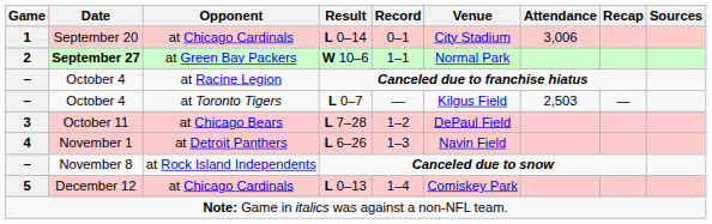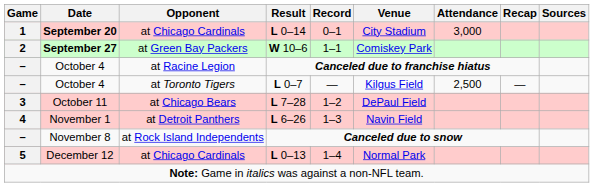 <table class="wikitable" style="text-align:center">
 <tr>
 <th>Game</th>
 <th>Date</th>
 <th>Opponent</th>
 <th>Result</th>
 <th>Record</th>
 <th>Venue</th>
 <th>Attendance</th>
 <th>Recap</th>
 <th>Sources</th>
 </tr>
 <tr style="background:#fcc">
 <th>1</th>
-<td>September 20</td>
+<td><strong>September 20</strong></td>
 <td>at <a href='#'>Chicago Cardinals</a></td>
 <td><strong>L</strong> 0–14</td>
 <td>0–1</td>
 <td><a href='#'>City Stadium</a></td>
-<td>3,006</td>
+<td>3,000</td>
 <td></td>
 <td></td>
 </tr>
 <tr style="background:#cfc">
 <th>2</th>
 <td><strong>September 27</strong></td>
 <td>at <a href='#'>Green Bay Packers</a></td>
 <td><strong>W</strong> 10–6</td>
 <td>1–1</td>
-<td><a href='#'>Normal Park</a></td>
+<td><a href='#'>Comiskey Park</a></td>
 <td></td>
 <td></td>
 <td></td>
 </tr>
 <tr>
 <th>–</th>
 <td>October 4</td>
 <td>at <a href='#'>Racine Legion</a></td>
 <td colspan="5"><strong><em>Canceled due to franchise hiatus</em></strong></td>
 <td></td>
 </tr>
 <tr>
 <th>–</th>
 <td>October 4</td>
 <td>at <em>Toronto Tigers</em></td>
 <td><strong>L</strong> 0–7</td>
 <td>—</td>
 <td><a href='#'>Kilgus Field</a></td>
-<td>2,503</td>
+<td>2,500</td>
 <td>—</td>
 <td></td>
 </tr>
 <tr style="background:#fcc">
 <th>3</th>
 <td>October 11</td>
 <td>at <a href='#'>Chicago Bears</a></td>
 <td><strong>L</strong> 7–28</td>
 <td>1–2</td>
 <td><a href='#'>DePaul Field</a></td>
 <td></td>
 <td></td>
 <td></td>
 </tr>
 <tr style="background:#fcc">
 <th>4</th>
 <td>November 1</td>
 <td>at <a href='#'>Detroit Panthers</a></td>
 <td><strong>L</strong> 6–26</td>
 <td>1–3</td>
 <td><a href='#'>Navin Field</a></td>
 <td></td>
 <td></td>
 <td></td>
 </tr>
 <tr>
 <th>–</th>
 <td>November 8</td>
 <td>at <a href='#'>Rock Island Independents</a></td>
 <td colspan="5"><strong><em>Canceled due to snow</em></strong></td>
 <td></td>
 </tr>
 <tr style="background:#fcc">
 <th>5</th>
 <td>December 12</td>
 <td>at <a href='#'>Chicago Cardinals</a></td>
 <td><strong>L</strong> 0–13</td>
 <td>1–4</td>
-<td><a href='#'>Comiskey Park</a></td>
+<td><a href='#'>Normal Park</a></td>
 <td></td>
 <td></td>
 <td></td>
 </tr>
 <tr>
 <td colspan="10"><strong>Note: </strong>Game in <em>italics</em> was against a non-NFL team.</td>
 </tr>
 </table>
